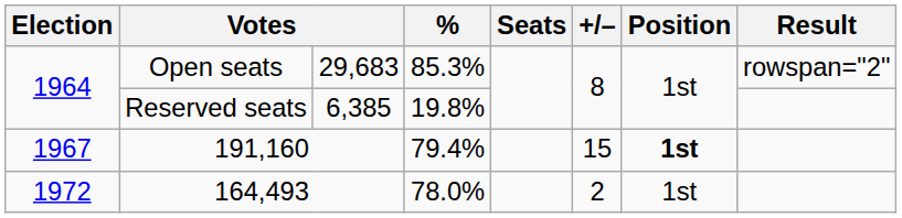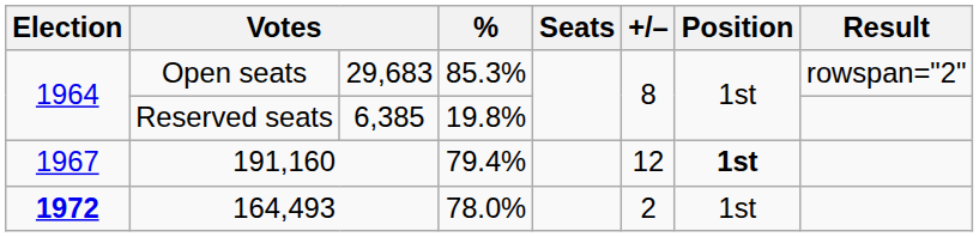 <table class=wikitable style=text-align:center>
 <tr>
 <th>Election</th>
 <th colspan="2">Votes</th>
 <th><strong>%</strong></th>
 <th>Seats</th>
 <th><strong>+/–</strong></th>
 <th>Position</th>
 <th>Result</th>
 </tr>
 <tr>
 <td rowspan="2"><a href='#'>1964</a></td>
 <td>Open seats</td>
 <td>29,683</td>
 <td>85.3%</td>
 <td rowspan="2"></td>
 <td rowspan="2"> 8</td>
 <td rowspan="2"> 1st</td>
 <td>rowspan="2" </td>
 </tr>
 <tr>
 <td>Reserved seats</td>
 <td>6,385</td>
 <td>19.8%</td>
 </tr>
 <tr>
 <td><a href='#'>1967</a></td>
 <td colspan="2">191,160</td>
 <td>79.4%</td>
 <td></td>
-<td> 15</td>
+<td> 12</td>
 <td><strong> 1st</strong></td>
 <td></td>
 </tr>
 <tr>
-<td><a href='#'>1972</a></td>
+<td><strong><a href='#'>1972</a></strong></td>
 <td colspan="2">164,493</td>
 <td>78.0%</td>
 <td></td>
 <td> 2</td>
 <td> 1st</td>
 <td></td>
 </tr>
 </table>
